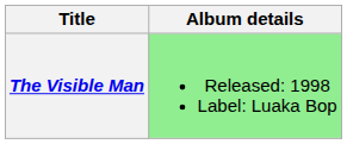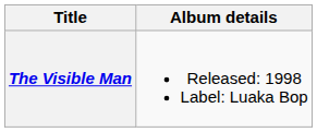 <table class="wikitable plainrowheaders" style="text-align:center;">
 <tr>
 <th scope="col">Title</th>
 <th scope="col">Album details</th>
 </tr>
 <tr>
 <th scope="row"><em><a href='#'>The Visible Man</a></em></th>
-<td style="background: lightgreen;"><br><ul><li>Released: 1998</li><li>Label: Luaka Bop</li></ul></td>
+<td><br><ul><li>Released: 1998</li><li>Label: Luaka Bop</li></ul></td>
 </tr>
 </table>
